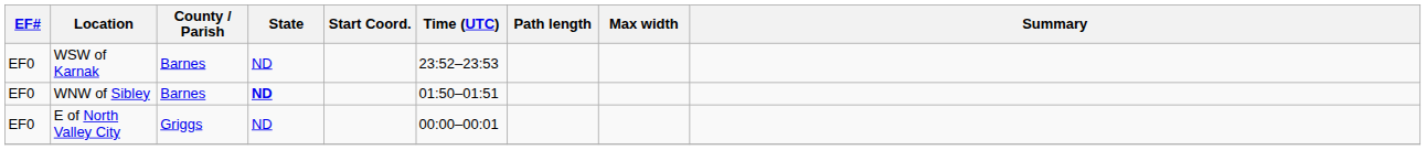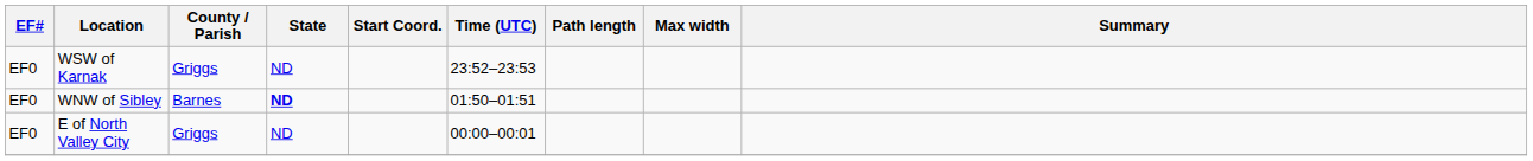 <table class="wikitable sortable" style="width:100%;">
 <tr>
 <th scope="col"  style="width:3%; text-align:center;"><a href='#'>EF#</a></th>
 <th scope="col"  style="width:7%; text-align:center;" class="unsortable">Location</th>
 <th scope="col"  style="width:6%; text-align:center;" class="unsortable">County / Parish</th>
 <th scope="col"  style="width:5%; text-align:center;">State</th>
 <th scope="col"  style="width:6%; text-align:center;">Start Coord.</th>
 <th scope="col"  style="width:6%; text-align:center;">Time (<a href='#'>UTC</a>)</th>
 <th scope="col"  style="width:6%; text-align:center;">Path length</th>
 <th scope="col"  style="width:6%; text-align:center;">Max width</th>
 <th scope="col" class="unsortable" style="width:48%; text-align:center;">Summary</th>
 </tr>
 <tr>
 <td>EF0</td>
 <td>WSW of <a href='#'>Karnak</a></td>
-<td><a href='#'>Barnes</a></td>
+<td><a href='#'>Griggs</a></td>
 <td><a href='#'>ND</a></td>
 <td></td>
 <td>23:52–23:53</td>
 <td></td>
 <td></td>
 <td></td>
 </tr>
 <tr>
 <td>EF0</td>
 <td>WNW of <a href='#'>Sibley</a></td>
 <td><a href='#'>Barnes</a></td>
 <td><strong><a href='#'>ND</a></strong></td>
 <td></td>
 <td>01:50–01:51</td>
 <td></td>
 <td></td>
 <td></td>
 </tr>
 <tr>
 <td>EF0</td>
 <td>E of <a href='#'>North Valley City</a></td>
 <td><a href='#'>Griggs</a></td>
 <td><a href='#'>ND</a></td>
 <td></td>
 <td>00:00–00:01</td>
 <td></td>
 <td></td>
 <td></td>
 </tr>
 <tr>
 </tr>
 </table>
